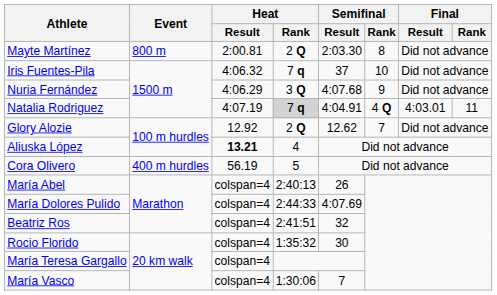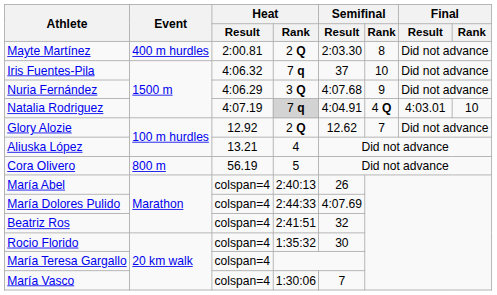 <table class=wikitable style="font-size:90%">
 <tr>
 <th rowspan="2">Athlete</th>
 <th rowspan="2">Event</th>
 <th colspan="2">Heat</th>
 <th colspan="2">Semifinal</th>
 <th colspan="2">Final</th>
 </tr>
 <tr style="font-size:95%">
 <th>Result</th>
 <th>Rank</th>
 <th>Result</th>
 <th>Rank</th>
 <th>Result</th>
 <th>Rank</th>
 </tr>
 <tr align=center>
 <td align=left><a href='#'>Mayte Martínez</a></td>
-<td align=left><a href='#'>800 m</a></td>
+<td align=left><a href='#'>400 m hurdles</a></td>
 <td>2:00.81</td>
 <td>2 <strong>Q</strong></td>
 <td>2:03.30</td>
 <td>8</td>
 <td colspan=2>Did not advance</td>
 </tr>
 <tr align=center>
 <td align=left><a href='#'>Iris Fuentes-Pila</a></td>
 <td align=left rowspan=3><a href='#'>1500 m</a></td>
 <td>4:06.32</td>
 <td>7 <strong>q</strong></td>
 <td>37</td>
 <td>10</td>
 <td colspan=2>Did not advance</td>
 </tr>
 <tr align=center>
 <td align=left><a href='#'>Nuria Fernández</a></td>
 <td>4:06.29</td>
 <td>3 <strong>Q</strong></td>
 <td>4:07.68</td>
 <td>9</td>
 <td colspan=2>Did not advance</td>
 </tr>
 <tr align=center>
 <td align=left><a href='#'>Natalia Rodriguez</a></td>
 <td>4:07.19</td>
 <td style="background: lightgrey;">7 <strong>q</strong></td>
 <td>4:04.91</td>
 <td>4 <strong>Q</strong></td>
 <td>4:03.01</td>
-<td>11</td>
+<td>10</td>
 </tr>
 <tr align=center>
 <td align=left><a href='#'>Glory Alozie</a></td>
 <td align=left rowspan=2><a href='#'>100 m hurdles</a></td>
 <td>12.92</td>
 <td>2 <strong>Q</strong></td>
 <td>12.62</td>
 <td>7</td>
 <td colspan=2>Did not advance</td>
 </tr>
 <tr align=center>
 <td align=left><a href='#'>Aliuska López</a></td>
-<td><strong>13.21</strong></td>
+<td>13.21</td>
 <td>4</td>
 <td colspan=4>Did not advance</td>
 </tr>
 <tr align=center>
 <td align=left><a href='#'>Cora Olivero</a></td>
-<td align=left><a href='#'>400 m hurdles</a></td>
+<td align=left><a href='#'>800 m</a></td>
 <td>56.19</td>
 <td>5</td>
 <td colspan=4>Did not advance</td>
 </tr>
 <tr align=center>
 <td align=left><a href='#'>María Abel</a></td>
 <td align=left rowspan=3><a href='#'>Marathon</a></td>
 <td>colspan=4 </td>
 <td>2:40:13</td>
 <td>26</td>
 </tr>
 <tr align=center>
 <td align=left><a href='#'>María Dolores Pulido</a></td>
 <td>colspan=4 </td>
 <td>2:44:33</td>
 <td>4:07.69</td>
 </tr>
 <tr align=center>
 <td align=left><a href='#'>Beatriz Ros</a></td>
 <td>colspan=4 </td>
 <td>2:41:51</td>
 <td>32</td>
 </tr>
 <tr align=center>
 <td align=left><a href='#'>Rocio Florido</a></td>
 <td align=left rowspan=3><a href='#'>20 km walk</a></td>
 <td>colspan=4 </td>
 <td>1:35:32</td>
 <td>30</td>
 </tr>
 <tr align=center>
 <td align=left><a href='#'>María Teresa Gargallo</a></td>
 <td>colspan=4 </td>
 <td colspan=2></td>
 </tr>
 <tr align=center>
 <td align=left><a href='#'>María Vasco</a></td>
 <td>colspan=4 </td>
 <td>1:30:06</td>
 <td>7</td>
 </tr>
 </table>
